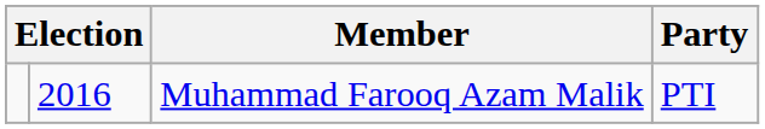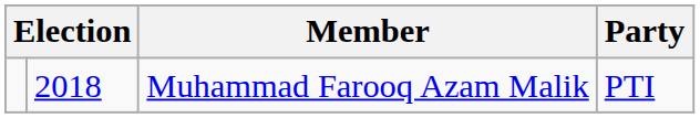 <table class="wikitable">
 <tr>
 <th colspan="2">Election</th>
 <th>Member</th>
 <th>Party</th>
 </tr>
 <tr>
 <td style="background-color: "></td>
-<td><a href='#'>2016</a></td>
+<td><a href='#'>2018</a></td>
 <td><a href='#'>Muhammad Farooq Azam Malik</a></td>
 <td><a href='#'>PTI</a></td>
 </tr>
 </table>
